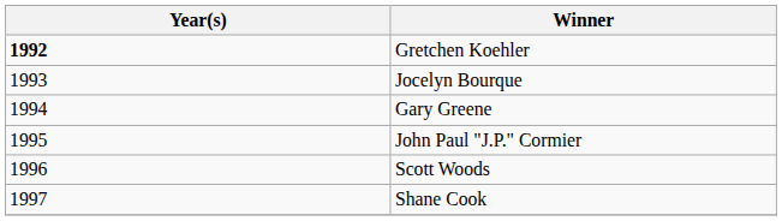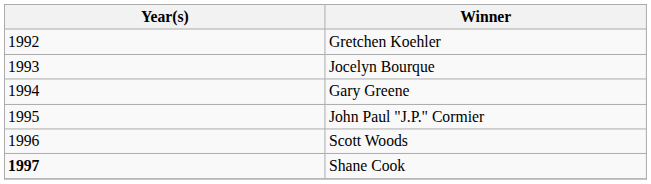 <table class="wikitable" style="text-align: left;margin:0px;">
 <tr>
 <th style="width:20em;">Year(s)</th>
 <th style="width:20em;">Winner</th>
 </tr>
 <tr>
-<td><strong>1992</strong></td>
+<td>1992</td>
 <td>Gretchen Koehler</td>
 </tr>
 <tr>
 <td>1993</td>
 <td>Jocelyn Bourque</td>
 </tr>
 <tr>
 <td>1994</td>
 <td>Gary Greene</td>
 </tr>
 <tr>
 <td>1995</td>
 <td>John Paul "J.P." Cormier</td>
 </tr>
 <tr>
 <td>1996</td>
 <td>Scott Woods</td>
 </tr>
 <tr>
-<td>1997</td>
+<td><strong>1997</strong></td>
 <td>Shane Cook</td>
 </tr>
 <tr>
 </tr>
 </table>
